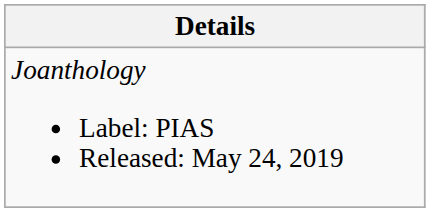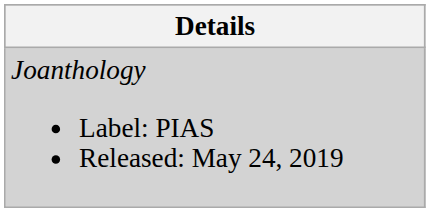 <table class="wikitable" style="text-align:center;">
 <tr>
 <th style="width:240px;">Details</th>
 </tr>
 <tr>
-<td style="text-align:left;"><em>Joanthology</em><br><ul><li>Label: PIAS</li><li>Released: May 24, 2019</li></ul></td>
+<td style="background: lightgrey; text-align:left;"><em>Joanthology</em><br><ul><li>Label: PIAS</li><li>Released: May 24, 2019</li></ul></td>
 </tr>
 </table>
